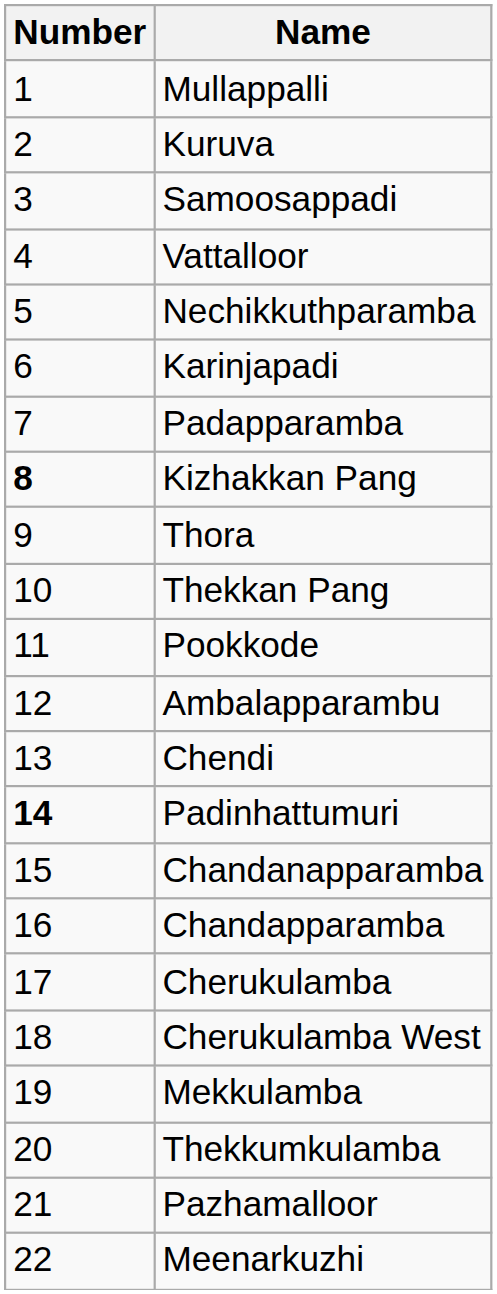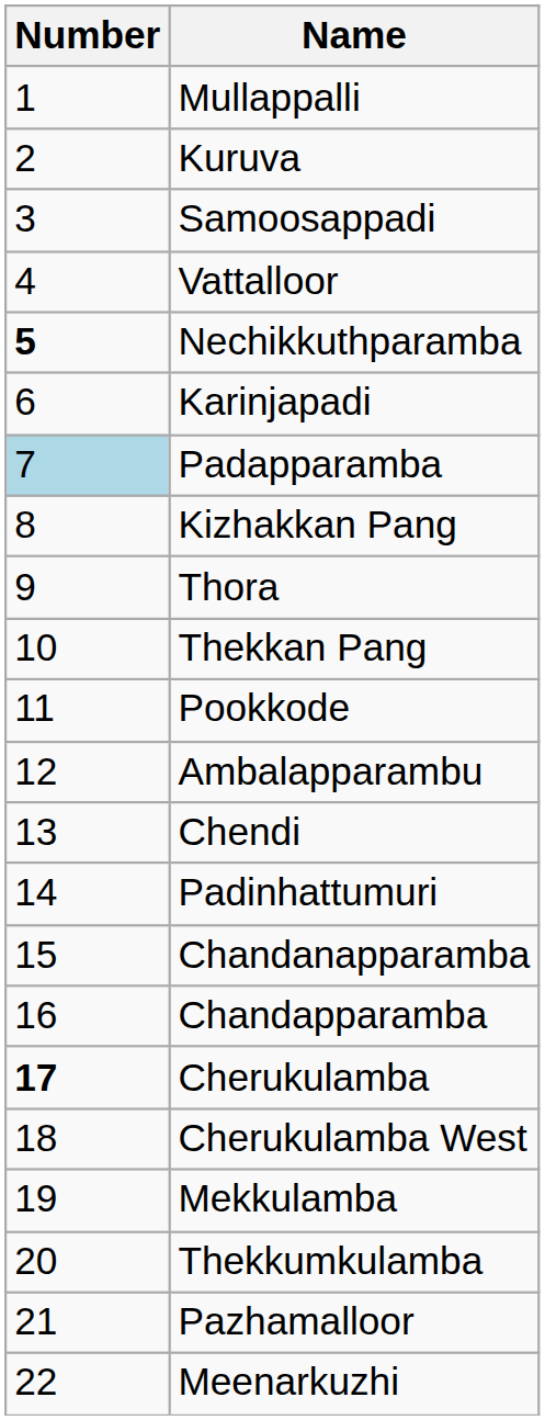 <table class="wikitable">
 <tr>
 <th>Number</th>
 <th>Name</th>
 </tr>
 <tr>
 <td>1</td>
 <td>Mullappalli</td>
 </tr>
 <tr>
 <td>2</td>
 <td>Kuruva</td>
 </tr>
 <tr>
 <td>3</td>
 <td>Samoosappadi</td>
 </tr>
 <tr>
 <td>4</td>
 <td>Vattalloor</td>
 </tr>
 <tr>
-<td>5</td>
+<td><strong>5</strong></td>
 <td>Nechikkuthparamba</td>
 </tr>
 <tr>
 <td>6</td>
 <td>Karinjapadi</td>
 </tr>
 <tr>
-<td>7</td>
+<td style="background: lightblue;">7</td>
 <td>Padapparamba</td>
 </tr>
 <tr>
-<td><strong>8</strong></td>
+<td>8</td>
 <td>Kizhakkan Pang</td>
 </tr>
 <tr>
 <td>9</td>
 <td>Thora</td>
 </tr>
 <tr>
 <td>10</td>
 <td>Thekkan Pang</td>
 </tr>
 <tr>
 <td>11</td>
 <td>Pookkode</td>
 </tr>
 <tr>
 <td>12</td>
 <td>Ambalapparambu</td>
 </tr>
 <tr>
 <td>13</td>
 <td>Chendi</td>
 </tr>
 <tr>
-<td><strong>14</strong></td>
+<td>14</td>
 <td>Padinhattumuri</td>
 </tr>
 <tr>
 <td>15</td>
 <td>Chandanapparamba</td>
 </tr>
 <tr>
 <td>16</td>
 <td>Chandapparamba</td>
 </tr>
 <tr>
-<td>17</td>
+<td><strong>17</strong></td>
 <td>Cherukulamba</td>
 </tr>
 <tr>
 <td>18</td>
 <td>Cherukulamba West</td>
 </tr>
 <tr>
 <td>19</td>
 <td>Mekkulamba</td>
 </tr>
 <tr>
 <td>20</td>
 <td>Thekkumkulamba</td>
 </tr>
 <tr>
 <td>21</td>
 <td>Pazhamalloor</td>
 </tr>
 <tr>
 <td>22</td>
 <td>Meenarkuzhi</td>
 </tr>
 </table>
